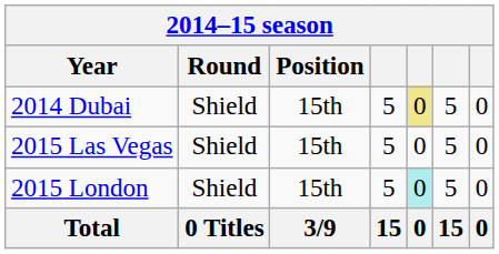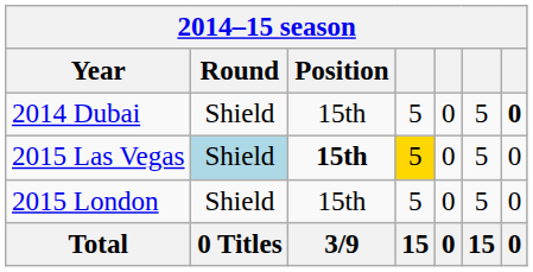 <table class="wikitable" style="text-align: center;">
 <tr>
 <th colspan=10><a href='#'>2014–15 season</a></th>
 </tr>
 <tr>
 <th>Year</th>
 <th>Round</th>
 <th>Position</th>
 <th></th>
 <th></th>
 <th></th>
 <th></th>
 </tr>
 <tr>
 <td align=left> <a href='#'>2014 Dubai</a></td>
 <td>Shield</td>
 <td>15th</td>
 <td>5</td>
-<td style="background: khaki;">0</td>
+<td>0</td>
 <td>5</td>
-<td>0</td>
+<td><strong>0</strong></td>
 </tr>
 <tr>
 <td align=left> <a href='#'>2015 Las Vegas</a></td>
-<td>Shield</td>
-<td>15th</td>
-<td>5</td>
+<td style="background: lightblue;">Shield</td>
+<td><strong>15th</strong></td>
+<td style="background: gold;">5</td>
 <td>0</td>
 <td>5</td>
 <td>0</td>
 </tr>
 <tr>
 <td align=left> <a href='#'>2015 London</a></td>
 <td>Shield</td>
 <td>15th</td>
 <td>5</td>
-<td style="background: paleturquoise;">0</td>
+<td>0</td>
 <td>5</td>
 <td>0</td>
 </tr>
 <tr>
 <th>Total</th>
 <th>0 Titles</th>
 <th>3/9</th>
 <th>15</th>
 <th>0</th>
 <th>15</th>
 <th>0</th>
 </tr>
 </table>
